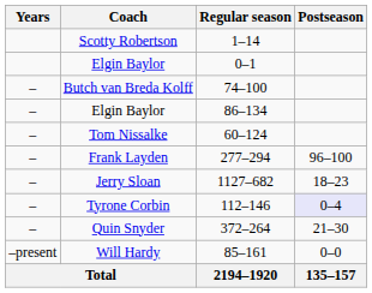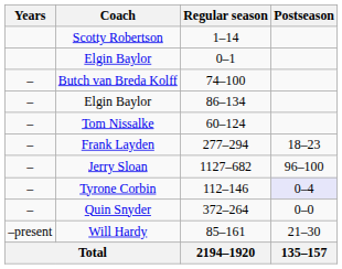 <table class="wikitable" style="font-size: 95%; text-align:center;">
 <tr>
 <th>Years</th>
 <th>Coach</th>
 <th>Regular season</th>
 <th>Postseason</th>
 </tr>
 <tr>
 <td></td>
 <td><a href='#'>Scotty Robertson</a></td>
 <td>1–14</td>
 <td></td>
 </tr>
 <tr>
 <td></td>
 <td><a href='#'>Elgin Baylor</a></td>
 <td>0–1</td>
 <td></td>
 </tr>
 <tr>
 <td>–</td>
 <td><a href='#'>Butch van Breda Kolff</a></td>
 <td>74–100</td>
 <td></td>
 </tr>
 <tr>
 <td>–</td>
 <td>Elgin Baylor</td>
 <td>86–134</td>
 <td></td>
 </tr>
 <tr>
 <td>–</td>
 <td><a href='#'>Tom Nissalke</a></td>
 <td>60–124</td>
 <td></td>
 </tr>
 <tr>
 <td>–</td>
 <td><a href='#'>Frank Layden</a></td>
 <td>277–294</td>
-<td>96–100</td>
+<td>18–23</td>
 </tr>
 <tr>
 <td>–</td>
 <td><a href='#'>Jerry Sloan</a></td>
 <td>1127–682</td>
-<td>18–23</td>
+<td>96–100</td>
 </tr>
 <tr>
 <td>–</td>
 <td><a href='#'>Tyrone Corbin</a></td>
 <td>112–146</td>
 <td style="background: lavender;">0–4</td>
 </tr>
 <tr>
 <td>–</td>
 <td><a href='#'>Quin Snyder</a></td>
 <td>372–264</td>
-<td>21–30</td>
+<td>0–0</td>
 </tr>
 <tr>
 <td>–present</td>
 <td><a href='#'>Will Hardy</a></td>
 <td>85–161</td>
-<td>0–0</td>
+<td>21–30</td>
 </tr>
 <tr>
 <th colspan="2">Total</th>
 <th>2194–1920</th>
 <th>135–157</th>
 </tr>
 </table>
